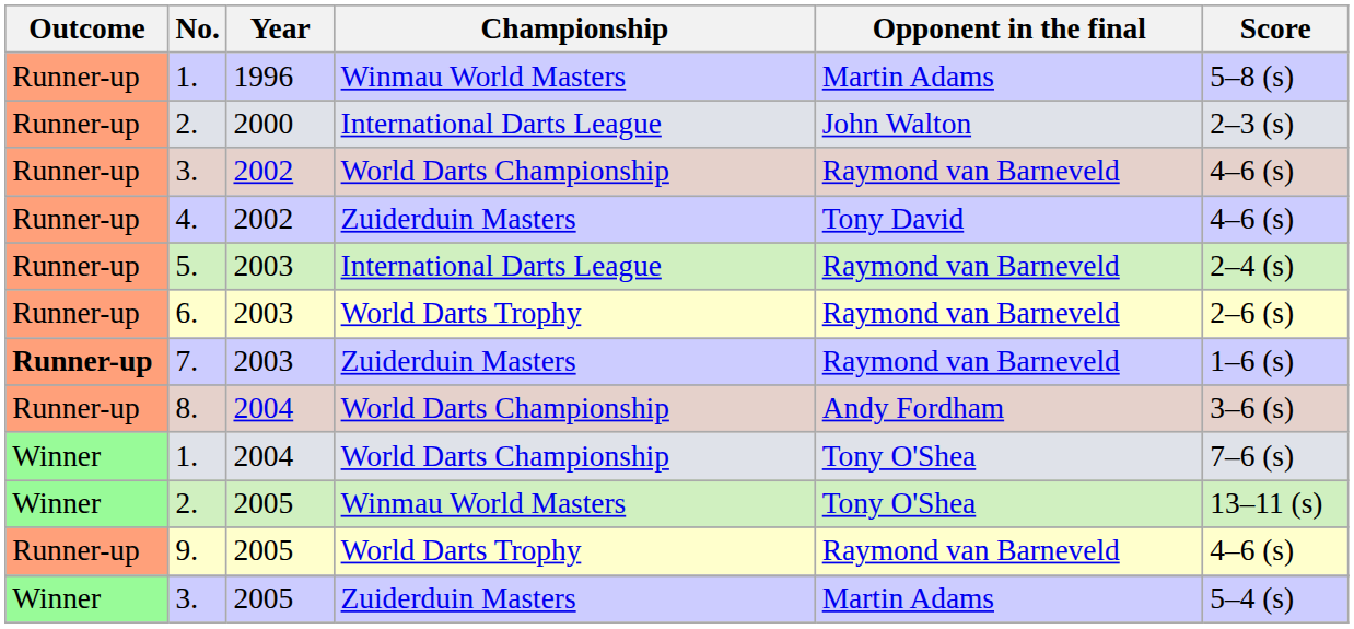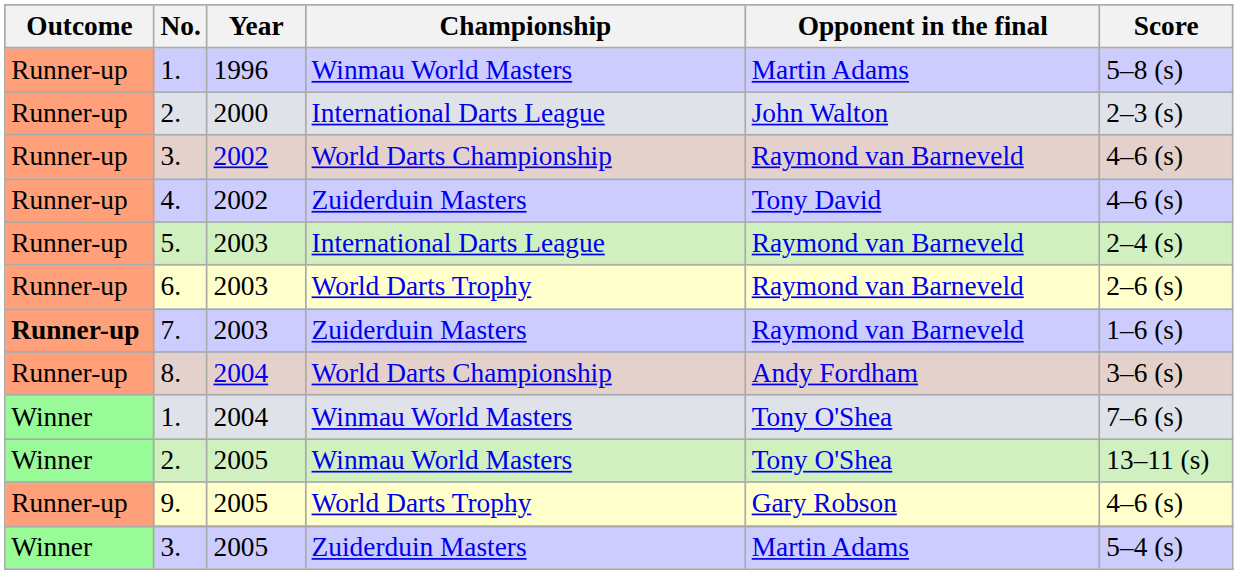 <table class="wikitable">
 <tr>
 <th width="80">Outcome</th>
 <th width="20">No.</th>
 <th width="50">Year</th>
 <th style="width:250px;">Championship</th>
 <th style="width:200px;">Opponent in the final</th>
 <th width="70">Score</th>
 </tr>
 <tr style="background:#ccf">
 <td style="background:#ffa07a;">Runner-up</td>
 <td>1.</td>
 <td>1996</td>
 <td><a href='#'>Winmau World Masters</a></td>
 <td> <a href='#'>Martin Adams</a></td>
 <td>5–8 (s)</td>
 </tr>
 <tr style="background:#dfe2e9;">
 <td style="background:#ffa07a;">Runner-up</td>
 <td>2.</td>
 <td>2000</td>
 <td><a href='#'>International Darts League</a></td>
 <td> <a href='#'>John Walton</a></td>
 <td>2–3 (s)</td>
 </tr>
 <tr style="background:#e5d1cb;">
 <td style="background:#ffa07a;">Runner-up</td>
 <td>3.</td>
 <td><a href='#'>2002</a></td>
 <td><a href='#'>World Darts Championship</a></td>
 <td> <a href='#'>Raymond van Barneveld</a></td>
 <td>4–6 (s)</td>
 </tr>
 <tr style="background:#ccf">
 <td style="background:#ffa07a;">Runner-up</td>
 <td>4.</td>
 <td>2002</td>
 <td><a href='#'>Zuiderduin Masters</a></td>
 <td> <a href='#'>Tony David</a></td>
 <td>4–6 (s)</td>
 </tr>
 <tr style="background:#d0f0c0;">
 <td style="background:#ffa07a;">Runner-up</td>
 <td>5.</td>
 <td>2003</td>
 <td><a href='#'>International Darts League</a></td>
 <td> <a href='#'>Raymond van Barneveld</a></td>
 <td>2–4 (s)</td>
 </tr>
 <tr style="background:#ffc;">
 <td style="background:#ffa07a;">Runner-up</td>
 <td>6.</td>
 <td>2003</td>
 <td><a href='#'>World Darts Trophy</a></td>
 <td> <a href='#'>Raymond van Barneveld</a></td>
 <td>2–6 (s)</td>
 </tr>
 <tr style="background:#ccf">
 <td style="background:#ffa07a;"><strong>Runner-up</strong></td>
 <td>7.</td>
 <td>2003</td>
 <td><a href='#'>Zuiderduin Masters</a></td>
 <td> <a href='#'>Raymond van Barneveld</a></td>
 <td>1–6 (s)</td>
 </tr>
 <tr style="background:#e5d1cb;">
 <td style="background:#ffa07a;">Runner-up</td>
 <td>8.</td>
 <td><a href='#'>2004</a></td>
 <td><a href='#'>World Darts Championship</a></td>
 <td> <a href='#'>Andy Fordham</a></td>
 <td>3–6 (s)</td>
 </tr>
 <tr style="background:#dfe2e9;">
 <td style="background:#98FB98">Winner</td>
 <td>1.</td>
 <td>2004</td>
-<td><a href='#'>World Darts Championship</a></td>
+<td><a href='#'>Winmau World Masters</a></td>
 <td> <a href='#'>Tony O'Shea</a></td>
 <td>7–6 (s)</td>
 </tr>
 <tr style="background:#d0f0c0;">
 <td style="background:#98FB98">Winner</td>
 <td>2.</td>
 <td>2005</td>
 <td><a href='#'>Winmau World Masters</a></td>
 <td> <a href='#'>Tony O'Shea</a></td>
 <td>13–11 (s)</td>
 </tr>
 <tr style="background:#ffc;">
 <td style="background:#ffa07a;">Runner-up</td>
 <td>9.</td>
 <td>2005</td>
 <td><a href='#'>World Darts Trophy</a></td>
-<td> <a href='#'>Raymond van Barneveld</a></td>
+<td> <a href='#'>Gary Robson</a></td>
 <td>4–6 (s)</td>
 </tr>
 <tr>
 </tr>
 <tr style="background:#ccf;">
 <td style="background:#98FB98">Winner</td>
 <td>3.</td>
 <td>2005</td>
 <td><a href='#'>Zuiderduin Masters</a></td>
 <td> <a href='#'>Martin Adams</a></td>
 <td>5–4 (s)</td>
 </tr>
 </table>
